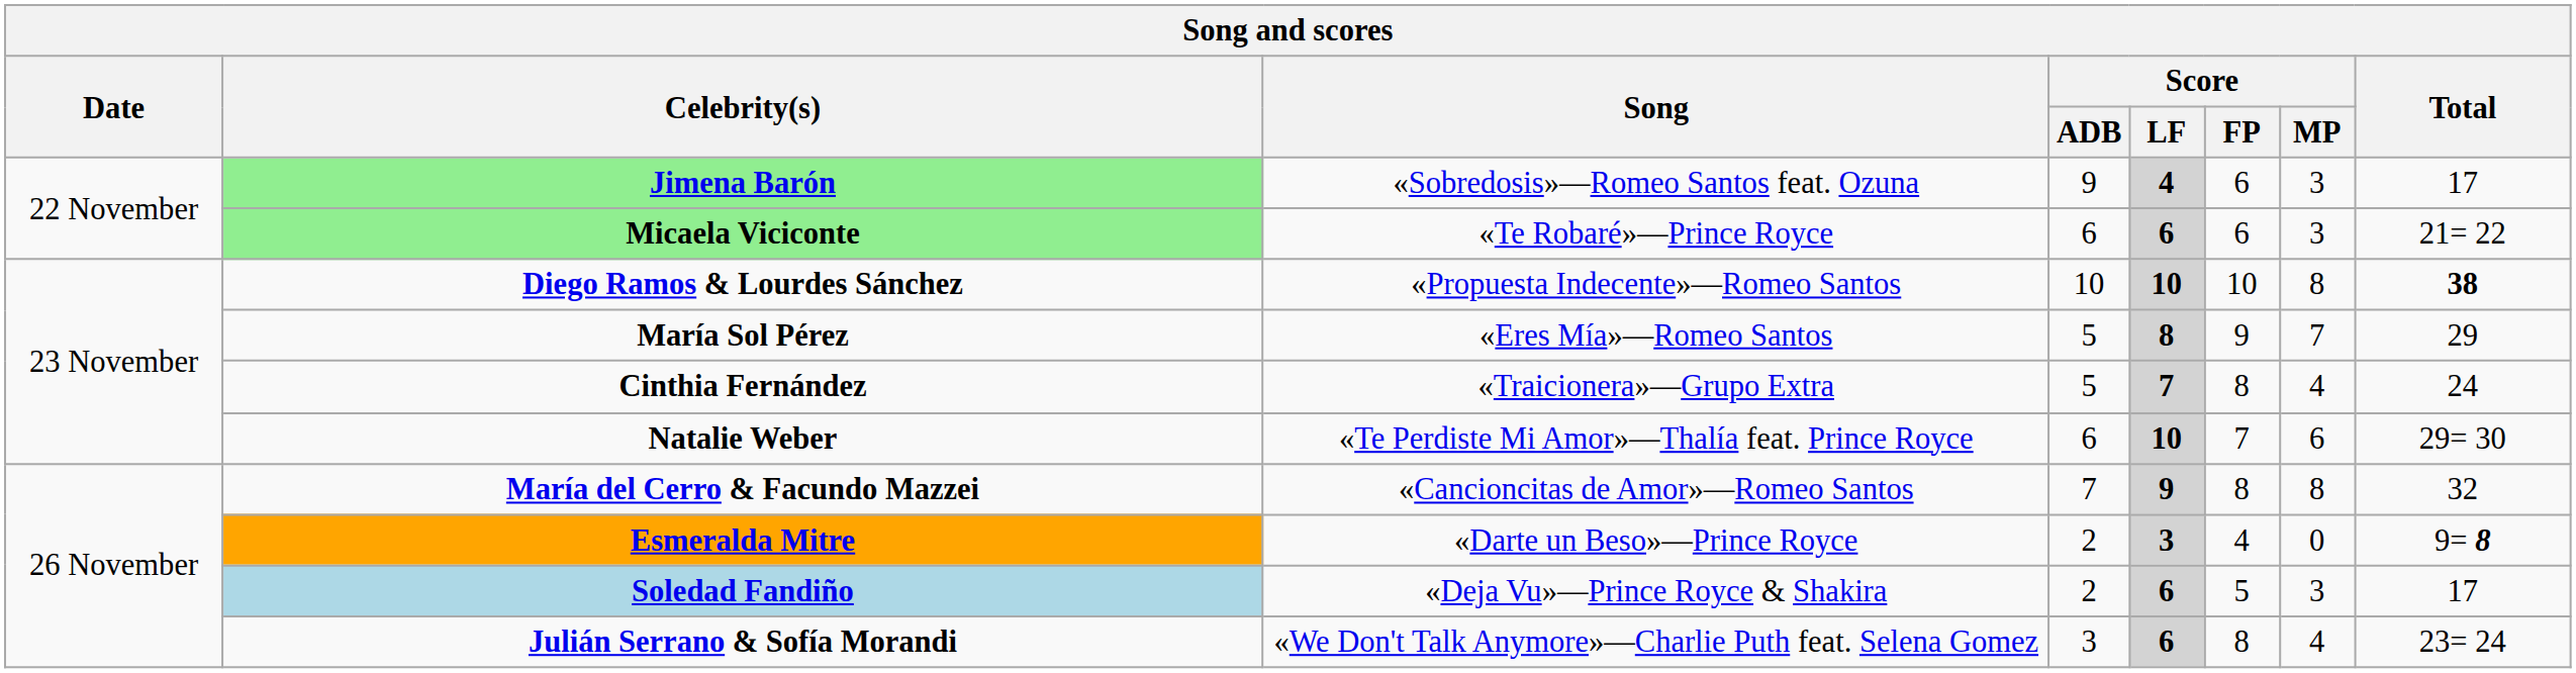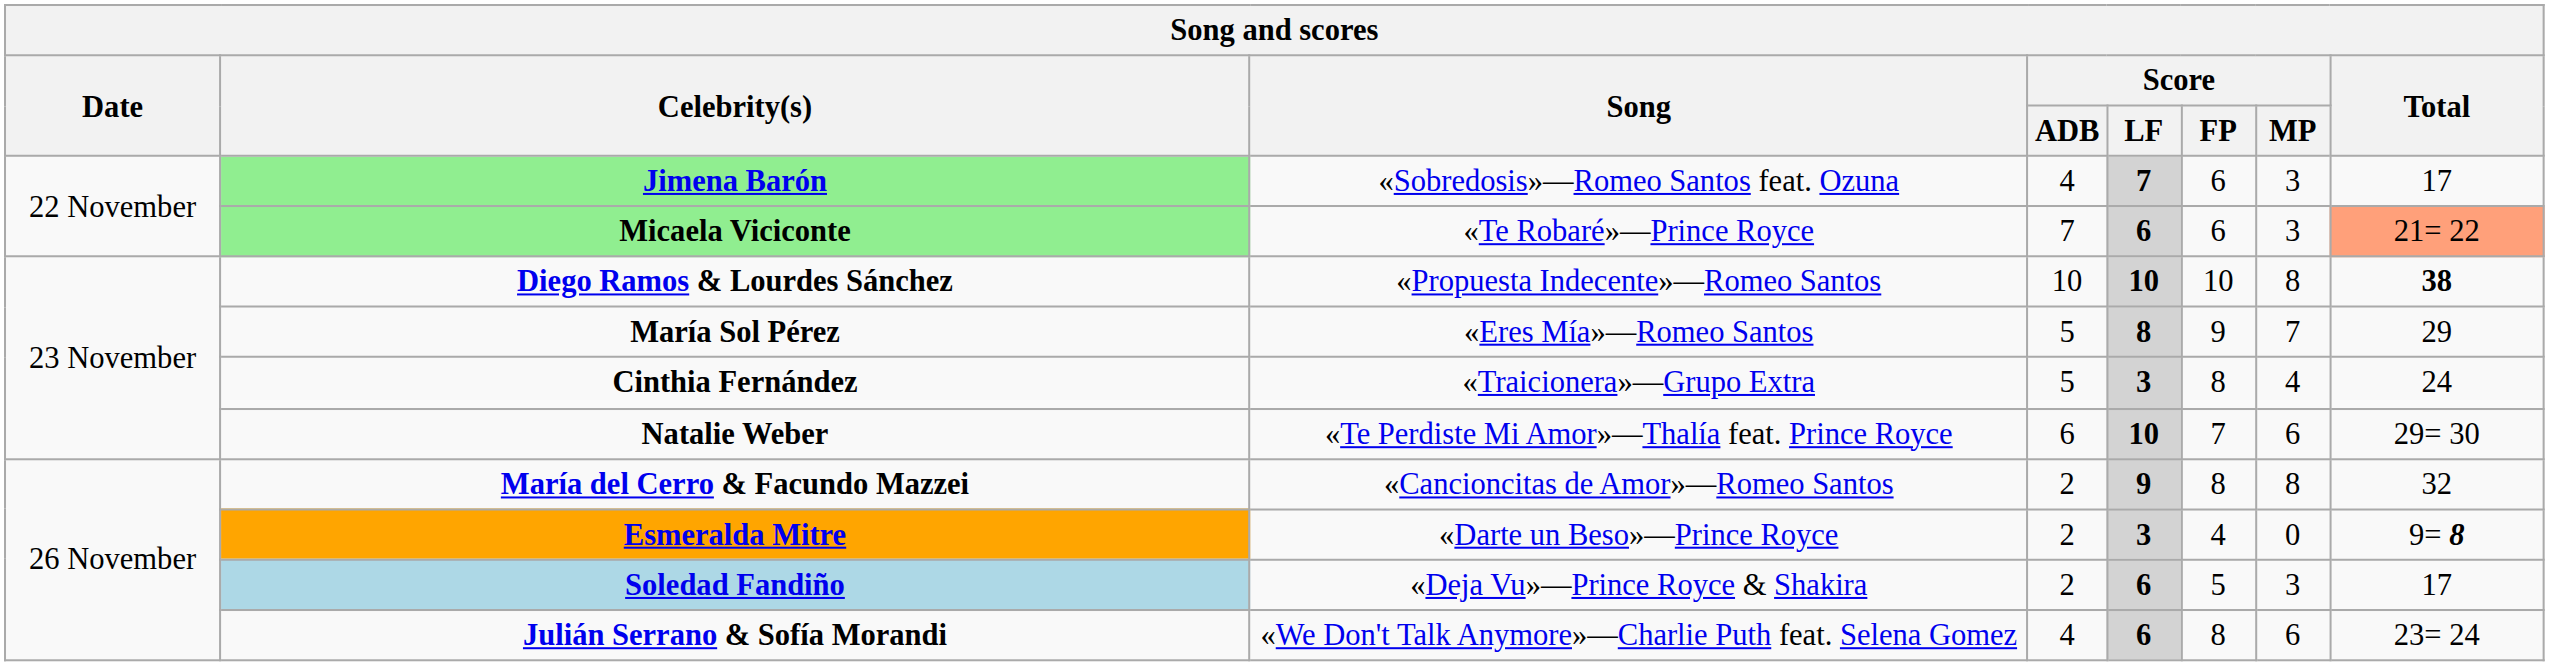 <table class="wikitable collapsible collapsed" style="font-size:95%; text-align: center; width: 100%;">
 <tr>
 <th colspan="11" style="with: 100%;" align=center>Song and scores</th>
 </tr>
 <tr>
 <th rowspan="2" width=100>Date</th>
 <th rowspan="2">Celebrity(s)</th>
 <th rowspan="2" width=380>Song</th>
 <th colspan="4">Score</th>
 <th rowspan="2">Total</th>
 </tr>
 <tr>
 <th width=30>ADB</th>
 <th width=30>LF</th>
 <th width=30>FP</th>
 <th width=30>MP</th>
 </tr>
 <tr>
 <td rowspan="2">22 November</td>
 <td bgcolor="lightgreen"><strong><a href='#'>Jimena Barón</a></strong></td>
 <td>«<a href='#'>Sobredosis</a>»—<a href='#'>Romeo Santos</a> feat. <a href='#'>Ozuna</a></td>
-<td>9</td>
-<td bgcolor="lightgrey"><strong>4</strong></td>
+<td>4</td>
+<td bgcolor="lightgrey"><strong>7</strong></td>
 <td>6</td>
 <td>3</td>
 <td>17</td>
 </tr>
 <tr>
 <td bgcolor="lightgreen"><strong>Micaela Viciconte</strong></td>
 <td>«<a href='#'>Te Robaré</a>»—<a href='#'>Prince Royce</a></td>
-<td>6</td>
+<td>7</td>
 <td bgcolor="lightgrey"><strong>6</strong></td>
 <td>6</td>
 <td>3</td>
-<td>21= 22</td>
+<td style="background: lightsalmon;">21= 22</td>
 </tr>
 <tr>
 <td rowspan="4">23 November</td>
 <td bgcolor=""><strong><a href='#'>Diego Ramos</a> & Lourdes Sánchez</strong></td>
 <td>«<a href='#'>Propuesta Indecente</a>»—<a href='#'>Romeo Santos</a></td>
 <td>10</td>
 <td bgcolor="lightgrey"><strong>10</strong></td>
 <td>10</td>
 <td>8</td>
 <td><span><strong>38</strong></span></td>
 </tr>
 <tr>
 <td bgcolor=""><strong>María Sol Pérez</strong></td>
 <td>«<a href='#'>Eres Mía</a>»—<a href='#'>Romeo Santos</a></td>
 <td>5</td>
 <td bgcolor="lightgrey"><strong>8</strong></td>
 <td>9</td>
 <td>7</td>
 <td>29</td>
 </tr>
 <tr>
 <td bgcolor=""><strong>Cinthia Fernández</strong></td>
 <td>«<a href='#'>Traicionera</a>»—<a href='#'>Grupo Extra</a></td>
 <td>5</td>
-<td bgcolor="lightgrey"><strong>7</strong></td>
+<td bgcolor="lightgrey"><strong>3</strong></td>
 <td>8</td>
 <td>4</td>
 <td>24</td>
 </tr>
 <tr>
 <td bgcolor=""><strong>Natalie Weber</strong></td>
 <td>«<a href='#'>Te Perdiste Mi Amor</a>»—<a href='#'>Thalía</a> feat. <a href='#'>Prince Royce</a></td>
 <td>6</td>
 <td bgcolor="lightgrey"><strong>10</strong></td>
 <td>7</td>
 <td>6</td>
 <td>29= 30</td>
 </tr>
 <tr>
 <td rowspan="4">26 November</td>
 <td bgcolor=""><strong><a href='#'>María del Cerro</a> & Facundo Mazzei</strong></td>
 <td>«<a href='#'>Cancioncitas de Amor</a>»—<a href='#'>Romeo Santos</a></td>
-<td>7</td>
+<td>2</td>
 <td bgcolor="lightgrey"><strong>9</strong></td>
 <td>8</td>
 <td>8</td>
 <td>32</td>
 </tr>
 <tr>
 <td bgcolor="orange"><strong><a href='#'>Esmeralda Mitre</a></strong></td>
 <td>«<a href='#'>Darte un Beso</a>»—<a href='#'>Prince Royce</a></td>
 <td>2</td>
 <td bgcolor="lightgrey"><strong>3</strong></td>
 <td>4</td>
 <td>0</td>
 <td>9= <span><strong><em>8</em></strong></span></td>
 </tr>
 <tr>
 <td bgcolor="lightblue"><strong><a href='#'>Soledad Fandiño</a></strong></td>
 <td>«<a href='#'>Deja Vu</a>»—<a href='#'>Prince Royce</a> & <a href='#'>Shakira</a></td>
 <td>2</td>
 <td bgcolor="lightgrey"><strong>6</strong></td>
 <td>5</td>
 <td>3</td>
 <td>17</td>
 </tr>
 <tr>
 <td bgcolor=""><strong><a href='#'>Julián Serrano</a> & Sofía Morandi</strong></td>
 <td>«<a href='#'>We Don't Talk Anymore</a>»—<a href='#'>Charlie Puth</a> feat. <a href='#'>Selena Gomez</a></td>
-<td>3</td>
+<td>4</td>
 <td bgcolor="lightgrey"><strong>6</strong></td>
 <td>8</td>
-<td>4</td>
+<td>6</td>
 <td>23= 24</td>
 </tr>
 </table>
